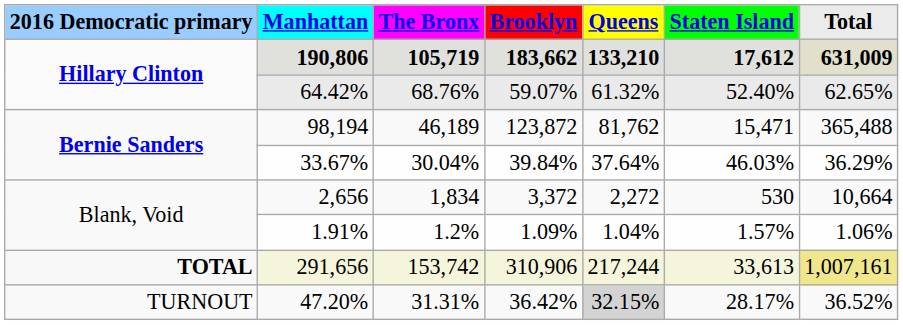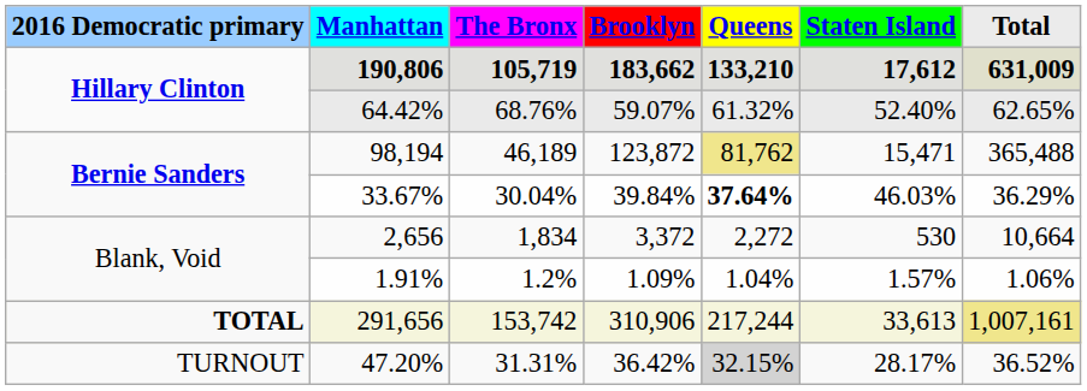 <table class="wikitable" style="text-align:right;">
 <tr style="text-align:center;">
 <td style="background:#99CCFF;"><strong>2016 Democratic primary</strong></td>
 <td style="background:aqua;"><strong><a href='#'>Manhattan</a></strong></td>
 <td style="background:magenta;"><strong><a href='#'>The Bronx</a></strong></td>
 <td style="background:red;"><strong><a href='#'>Brooklyn</a></strong></td>
 <td style="background:yellow;"><strong><a href='#'>Queens</a></strong></td>
 <td style="background:lime;"><strong><a href='#'>Staten Island</a></strong></td>
 <td style="background:#ebebeb;"><strong>Total</strong></td>
 </tr>
 <tr style="background:#e0e0dd;">
 <td rowspan="2" style="background:#fafafa; text-align:center;"><strong><a href='#'>Hillary Clinton</a></strong></td>
 <td><strong>190,806</strong></td>
 <td><strong>105,719</strong></td>
 <td><strong>183,662</strong></td>
 <td><strong>133,210</strong></td>
 <td><strong>17,612</strong></td>
 <td style="background:#e0e0cc;"><strong>631,009</strong></td>
 </tr>
 <tr style="background:#eaeaea;">
 <td>64.42%</td>
 <td>68.76%</td>
 <td>59.07%</td>
 <td>61.32%</td>
 <td>52.40%</td>
 <td>62.65%</td>
 </tr>
 <tr>
 <td rowspan="2" style="text-align:center;"><strong><a href='#'>Bernie Sanders</a></strong></td>
 <td>98,194</td>
 <td>46,189</td>
 <td>123,872</td>
-<td>81,762</td>
+<td style="background: khaki;">81,762</td>
 <td>15,471</td>
 <td>365,488</td>
 </tr>
 <tr style="background:#fefefe;">
 <td>33.67%</td>
 <td>30.04%</td>
 <td>39.84%</td>
-<td>37.64%</td>
+<td><strong>37.64%</strong></td>
 <td>46.03%</td>
 <td>36.29%</td>
 </tr>
 <tr>
 <td rowspan="2" style="text-align:center;">Blank, Void</td>
 <td>2,656</td>
 <td>1,834</td>
 <td>3,372</td>
 <td>2,272</td>
 <td>530</td>
 <td>10,664</td>
 </tr>
 <tr style="background:#fefefe;">
 <td>1.91%</td>
 <td>1.2%</td>
 <td>1.09%</td>
 <td>1.04%</td>
 <td>1.57%</td>
 <td>1.06%</td>
 </tr>
 <tr style="background:beige;">
 <td style="background:#f8f8f8;"><strong>TOTAL</strong></td>
 <td>291,656</td>
 <td>153,742</td>
 <td>310,906</td>
 <td>217,244</td>
 <td>33,613</td>
 <td bgcolor="khaki">1,007,161</td>
 </tr>
 <tr>
 <td>TURNOUT</td>
 <td>47.20%</td>
 <td>31.31%</td>
 <td>36.42%</td>
 <td style="background: lightgrey;">32.15%</td>
 <td>28.17%</td>
 <td>36.52%</td>
 </tr>
 </table>
